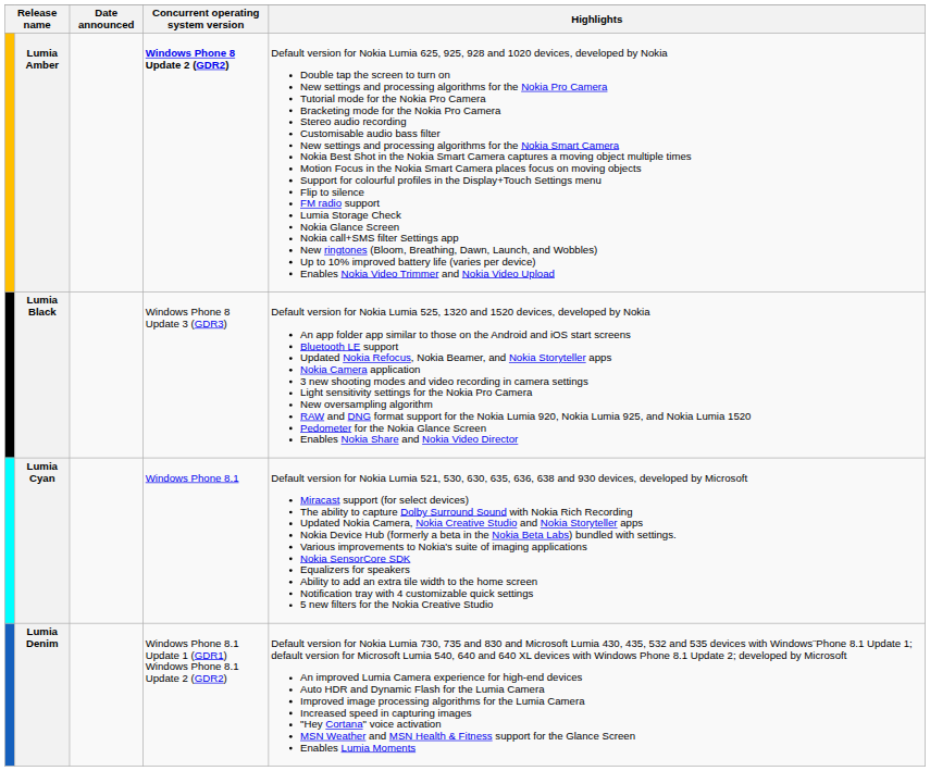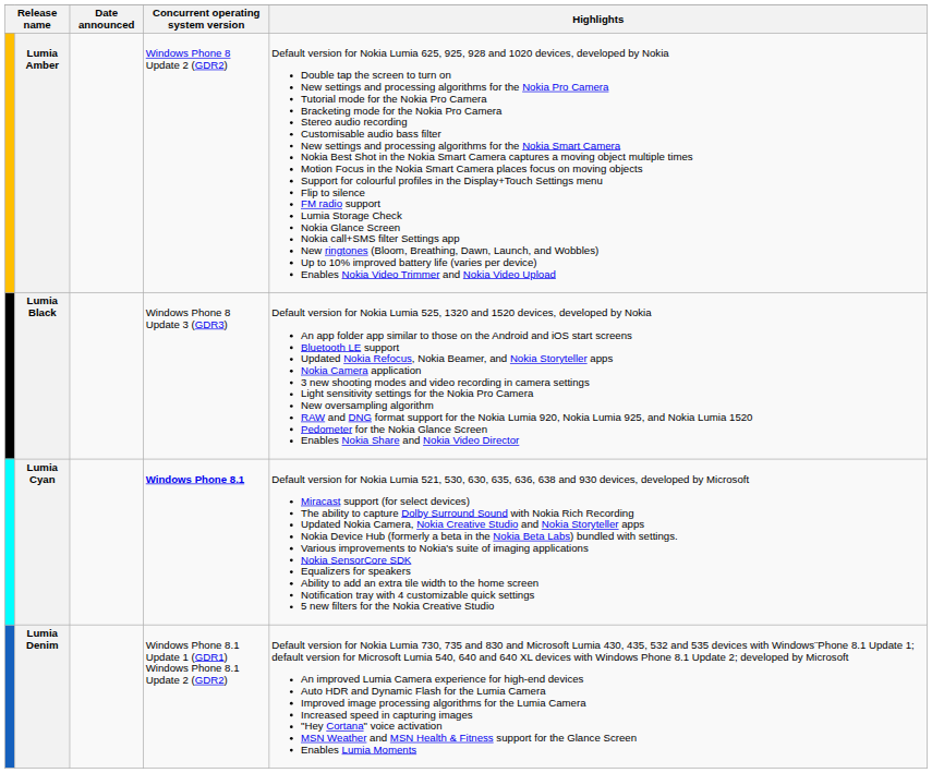 <table class="wikitable"  style="width:100%; font-size:90%; vertical-align:center;">
 <tr>
 </tr>
 <tr>
 <th colspan="2">Release name <br> </th>
 <th>Date announced</th>
 <th>Concurrent operating system version</th>
 <th>Highlights</th>
 </tr>
 <tr valign="top" >
 <th style="width:0.5em; background:#FFBF00;"></th>
 <th valign="top";><br>Lumia Amber <br></th>
 <td><br></td>
-<td><strong><br><a href='#'>Windows Phone 8</a> Update 2 (<a href='#'>GDR2</a>)</strong></td>
+<td><br><a href='#'>Windows Phone 8</a> Update 2 (<a href='#'>GDR2</a>)</td>
 <td><br>Default version for Nokia Lumia 625, 925, 928 and 1020 devices, developed by Nokia<ul><li>Double tap the screen to turn on</li><li>New settings and processing algorithms for the <a href='#'>Nokia Pro Camera</a></li><li>Tutorial mode for the Nokia Pro Camera</li><li>Bracketing mode for the Nokia Pro Camera</li><li>Stereo audio recording</li><li>Customisable audio bass filter</li><li>New settings and processing algorithms for the <a href='#'>Nokia Smart Camera</a></li><li>Nokia Best Shot in the Nokia Smart Camera captures a moving object multiple times</li><li>Motion Focus in the Nokia Smart Camera places focus on moving objects</li><li>Support for colourful profiles in the Display+Touch Settings menu</li><li>Flip to silence</li><li><a href='#'>FM radio</a> support</li><li>Lumia Storage Check</li><li>Nokia Glance Screen</li><li>Nokia call+SMS filter Settings app</li><li>New <a href='#'>ringtones</a> (Bloom, Breathing, Dawn, Launch, and Wobbles)</li><li>Up to 10% improved battery life (varies per device)</li><li>Enables <a href='#'>Nokia Video Trimmer</a> and <a href='#'>Nokia Video Upload</a></li></ul></td>
 </tr>
 <tr valign="top" >
 <th style="width:0.5em; background:#000000;"></th>
 <th valign="top";>Lumia Black <br>  <br></th>
 <td><br></td>
 <td><br>Windows Phone 8 Update 3 (<a href='#'>GDR3</a>)</td>
 <td><br>Default version for Nokia Lumia 525, 1320 and 1520 devices, developed by Nokia<ul><li>An app folder app similar to those on the Android and iOS start screens</li><li><a href='#'>Bluetooth LE</a> support</li><li>Updated <a href='#'>Nokia Refocus</a>, Nokia Beamer, and <a href='#'>Nokia Storyteller</a> apps</li><li><a href='#'>Nokia Camera</a> application</li><li>3 new shooting modes and video recording in camera settings</li><li>Light sensitivity settings for the Nokia Pro Camera</li><li>New oversampling algorithm</li><li><a href='#'>RAW</a> and <a href='#'>DNG</a> format support for the Nokia Lumia 920, Nokia Lumia 925, and Nokia Lumia 1520</li><li><a href='#'>Pedometer</a> for the Nokia Glance Screen</li><li>Enables <a href='#'>Nokia Share</a> and <a href='#'>Nokia Video Director</a></li></ul></td>
 </tr>
 <tr valign="top" >
 <th style="width:0.5em; background:#00FFFF;"></th>
 <th valign="top";>Lumia Cyan <br>  <br></th>
 <td><br></td>
-<td><br><a href='#'>Windows Phone 8.1</a></td>
+<td><strong><br><a href='#'>Windows Phone 8.1</a></strong></td>
 <td><br>Default version for Nokia Lumia 521, 530, 630, 635, 636, 638 and 930 devices, developed by Microsoft<ul><li><a href='#'>Miracast</a> support (for select devices)</li><li>The ability to capture <a href='#'>Dolby Surround Sound</a> with Nokia Rich Recording</li><li>Updated Nokia Camera, <a href='#'>Nokia Creative Studio</a> and <a href='#'>Nokia Storyteller</a> apps</li><li>Nokia Device Hub (formerly a beta in the <a href='#'>Nokia Beta Labs</a>) bundled with settings.</li><li>Various improvements to Nokia's suite of imaging applications</li><li><a href='#'>Nokia SensorCore SDK</a></li><li>Equalizers for speakers</li><li>Ability to add an extra tile width to the home screen</li><li>Notification tray with 4 customizable quick settings</li><li>5 new filters for the Nokia Creative Studio</li></ul></td>
 </tr>
 <tr valign="top" >
 <th style="width:0.5em; background:#1560BD;"></th>
 <th valign="top";>Lumia Denim <br>  <br></th>
 <td><br></td>
 <td><br>Windows Phone 8.1 Update 1 (<a href='#'>GDR1</a>)<br>Windows Phone 8.1 Update 2 (<a href='#'>GDR2</a>)</td>
 <td><br>Default version for Nokia Lumia 730, 735 and 830 and Microsoft Lumia 430, 435, 532 and 535 devices with Windows¨Phone 8.1 Update 1; default version for Microsoft Lumia 540, 640 and 640 XL devices with Windows Phone 8.1 Update 2; developed by Microsoft<ul><li>An improved Lumia Camera experience for high-end devices</li><li>Auto HDR and Dynamic Flash for the Lumia Camera</li><li>Improved image processing algorithms for the Lumia Camera</li><li>Increased speed in capturing images</li><li>"Hey <a href='#'>Cortana</a>" voice activation</li><li><a href='#'>MSN Weather</a> and <a href='#'>MSN Health & Fitness</a> support for the Glance Screen</li><li>Enables <a href='#'>Lumia Moments</a></li></ul></td>
 </tr>
 </table>
